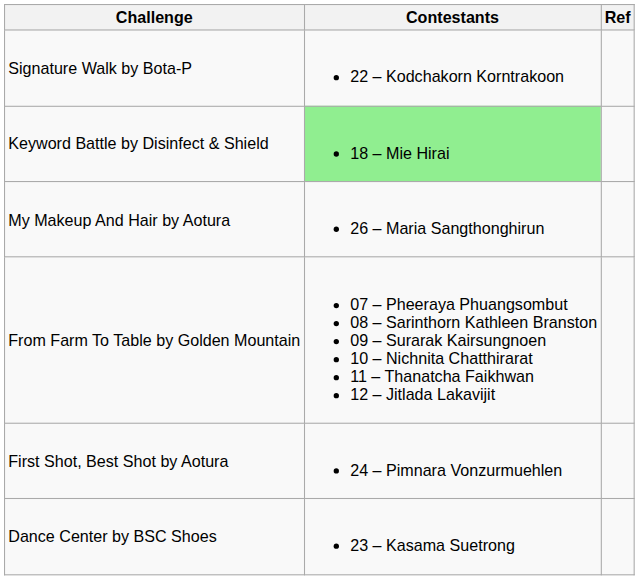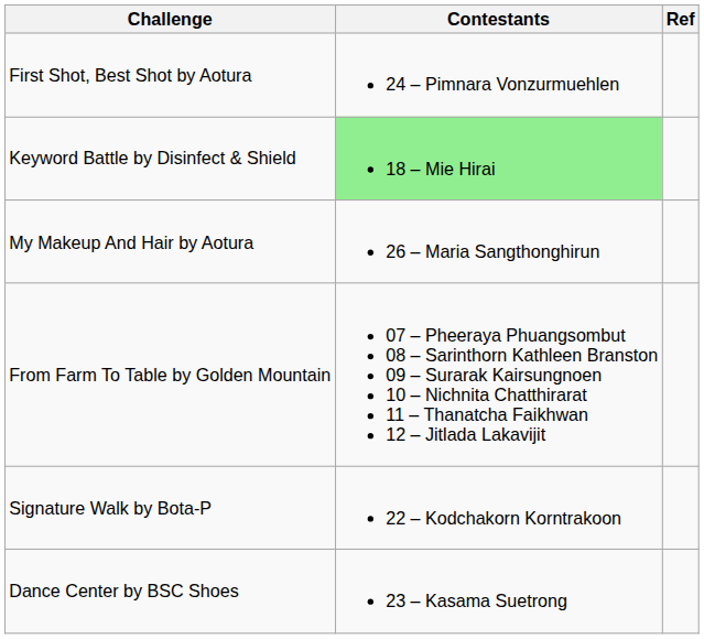 <table class="wikitable" style="font-size: 95%;">
 <tr>
 <th>Challenge</th>
 <th>Contestants</th>
 <th>Ref</th>
 </tr>
 <tr>
-<td>Signature Walk by Bota-P</td>
-<td><br><ul><li>22 – Kodchakorn Korntrakoon</li></ul></td>
+<td>First Shot, Best Shot by Aotura</td>
+<td><br><ul><li>24 – Pimnara Vonzurmuehlen</li></ul></td>
 <td style="text-align:center;"></td>
 </tr>
 <tr>
 <td>Keyword Battle by Disinfect & Shield</td>
 <td style="background: lightgreen;"><br><ul><li>18 – Mie Hirai</li></ul></td>
 <td style="text-align:center;"></td>
 </tr>
 <tr>
 <td>My Makeup And Hair by Aotura</td>
 <td><br><ul><li>26 – Maria Sangthonghirun</li></ul></td>
 <td style="text-align:center;"></td>
 </tr>
 <tr>
 <td>From Farm To Table by Golden Mountain</td>
 <td><br><ul><li>07 – Pheeraya Phuangsombut</li><li>08 – Sarinthorn Kathleen Branston</li><li>09 – Surarak Kairsungnoen</li><li>10 – Nichnita Chatthirarat</li><li>11 – Thanatcha Faikhwan</li><li>12 – Jitlada Lakavijit</li></ul></td>
 <td style="text-align:center;"></td>
 </tr>
 <tr>
-<td>First Shot, Best Shot by Aotura</td>
-<td><br><ul><li>24 – Pimnara Vonzurmuehlen</li></ul></td>
+<td>Signature Walk by Bota-P</td>
+<td><br><ul><li>22 – Kodchakorn Korntrakoon</li></ul></td>
 <td style="text-align:center;"></td>
 </tr>
 <tr>
 <td>Dance Center by BSC Shoes</td>
 <td><br><ul><li>23 – Kasama Suetrong</li></ul></td>
 <td style="text-align:center;"></td>
 </tr>
 </table>
